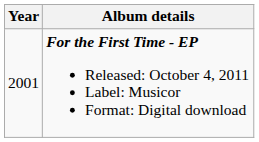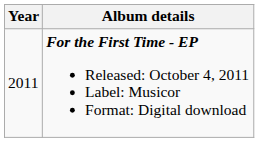 <table class="wikitable">
 <tr>
 <th>Year</th>
 <th style="width:210px;">Album details</th>
 </tr>
 <tr>
-<td>2001</td>
+<td>2011</td>
 <td><strong><em>For the First Time - EP</em></strong><br><ul><li>Released: October 4, 2011</li><li>Label: Musicor</li><li>Format: Digital download</li></ul></td>
 </tr>
 </table>
